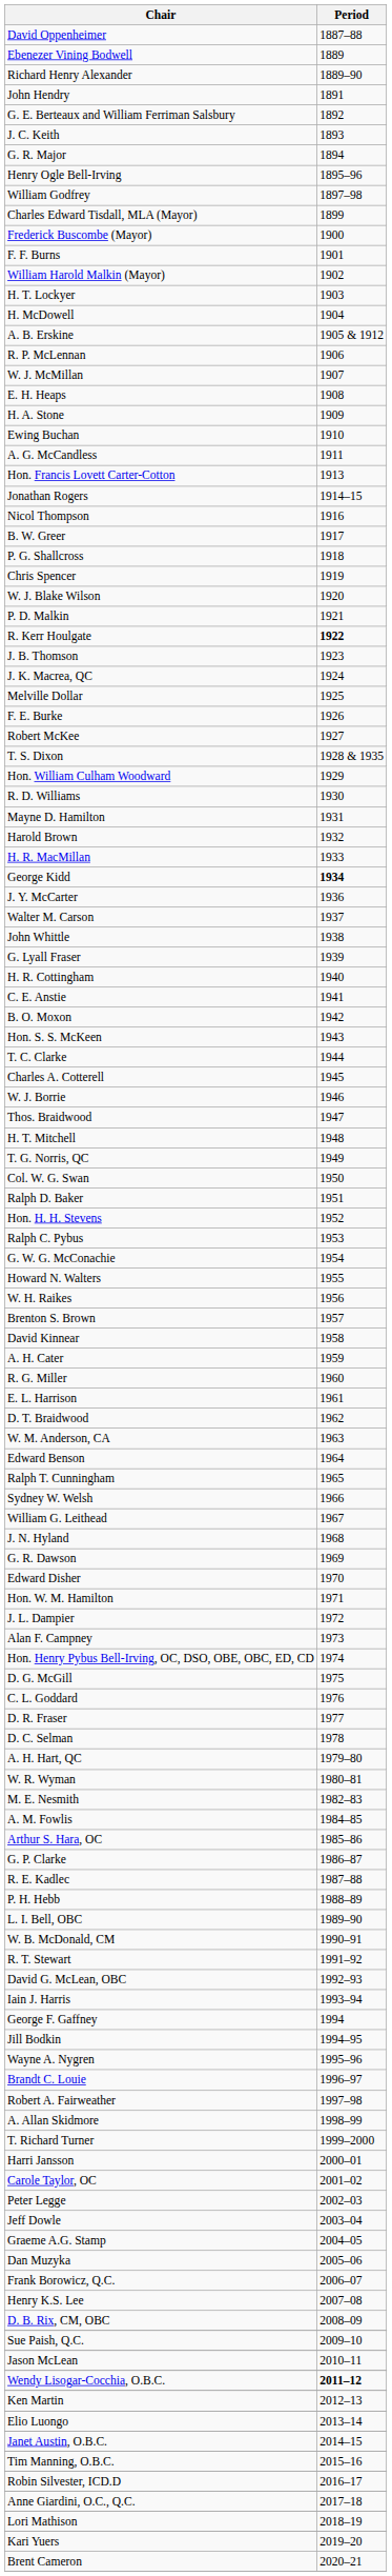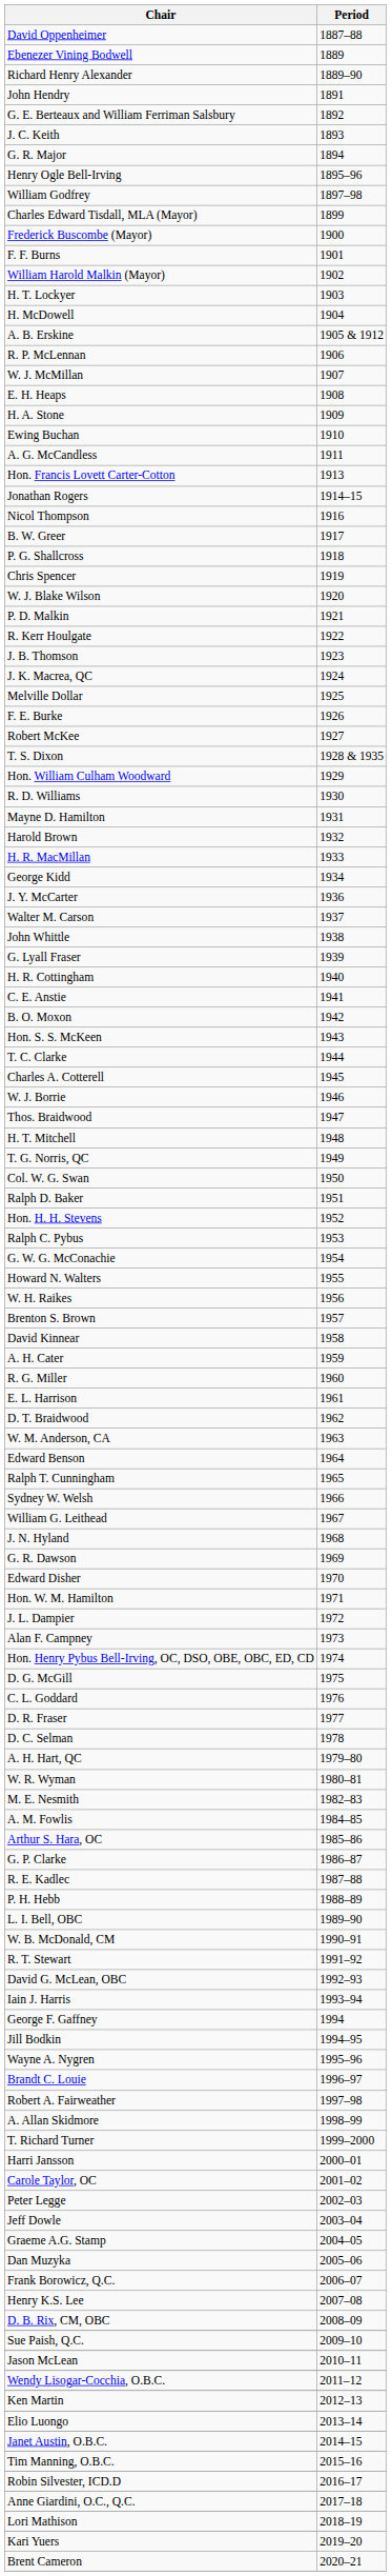 <table class="wikitable" style="font-size: 95%;">
 <tr>
 <th>Chair</th>
 <th>Period</th>
 </tr>
 <tr>
 <td><a href='#'>David Oppenheimer</a></td>
 <td>1887–88</td>
 </tr>
 <tr>
 <td><a href='#'>Ebenezer Vining Bodwell</a></td>
 <td>1889</td>
 </tr>
 <tr>
 <td>Richard Henry Alexander</td>
 <td>1889–90</td>
 </tr>
 <tr>
 <td>John Hendry</td>
 <td>1891</td>
 </tr>
 <tr>
 <td>G. E. Berteaux and William Ferriman Salsbury</td>
 <td>1892</td>
 </tr>
 <tr>
 <td>J. C. Keith</td>
 <td>1893</td>
 </tr>
 <tr>
 <td>G. R. Major</td>
 <td>1894</td>
 </tr>
 <tr>
 <td>Henry Ogle Bell-Irving</td>
 <td>1895–96</td>
 </tr>
 <tr>
 <td>William Godfrey</td>
 <td>1897–98</td>
 </tr>
 <tr>
 <td>Charles Edward Tisdall, MLA (Mayor)</td>
 <td>1899</td>
 </tr>
 <tr>
 <td><a href='#'>Frederick Buscombe</a> (Mayor)</td>
 <td>1900</td>
 </tr>
 <tr>
 <td>F. F. Burns</td>
 <td>1901</td>
 </tr>
 <tr>
 <td><a href='#'>William Harold Malkin</a> (Mayor)</td>
 <td>1902</td>
 </tr>
 <tr>
 <td>H. T. Lockyer</td>
 <td>1903</td>
 </tr>
 <tr>
 <td>H. McDowell</td>
 <td>1904</td>
 </tr>
 <tr>
 <td>A. B. Erskine</td>
 <td>1905 & 1912</td>
 </tr>
 <tr>
 <td>R. P. McLennan</td>
 <td>1906</td>
 </tr>
 <tr>
 <td>W. J. McMillan</td>
 <td>1907</td>
 </tr>
 <tr>
 <td>E. H. Heaps</td>
 <td>1908</td>
 </tr>
 <tr>
 <td>H. A. Stone</td>
 <td>1909</td>
 </tr>
 <tr>
 <td>Ewing Buchan</td>
 <td>1910</td>
 </tr>
 <tr>
 <td>A. G. McCandless</td>
 <td>1911</td>
 </tr>
 <tr>
 <td>Hon. <a href='#'>Francis Lovett Carter-Cotton</a></td>
 <td>1913</td>
 </tr>
 <tr>
 <td>Jonathan Rogers</td>
 <td>1914–15</td>
 </tr>
 <tr>
 <td>Nicol Thompson</td>
 <td>1916</td>
 </tr>
 <tr>
 <td>B. W. Greer</td>
 <td>1917</td>
 </tr>
 <tr>
 <td>P. G. Shallcross</td>
 <td>1918</td>
 </tr>
 <tr>
 <td>Chris Spencer</td>
 <td>1919</td>
 </tr>
 <tr>
 <td>W. J. Blake Wilson</td>
 <td>1920</td>
 </tr>
 <tr>
 <td>P. D. Malkin</td>
 <td>1921</td>
 </tr>
 <tr>
 <td>R. Kerr Houlgate</td>
-<td><strong>1922</strong></td>
+<td>1922</td>
 </tr>
 <tr>
 <td>J. B. Thomson</td>
 <td>1923</td>
 </tr>
 <tr>
 <td>J. K. Macrea, QC</td>
 <td>1924</td>
 </tr>
 <tr>
 <td>Melville Dollar</td>
 <td>1925</td>
 </tr>
 <tr>
 <td>F. E. Burke</td>
 <td>1926</td>
 </tr>
 <tr>
 <td>Robert McKee</td>
 <td>1927</td>
 </tr>
 <tr>
 <td>T. S. Dixon</td>
 <td>1928 & 1935</td>
 </tr>
 <tr>
 <td>Hon. <a href='#'>William Culham Woodward</a></td>
 <td>1929</td>
 </tr>
 <tr>
 <td>R. D. Williams</td>
 <td>1930</td>
 </tr>
 <tr>
 <td>Mayne D. Hamilton</td>
 <td>1931</td>
 </tr>
 <tr>
 <td>Harold Brown</td>
 <td>1932</td>
 </tr>
 <tr>
 <td><a href='#'>H. R. MacMillan</a></td>
 <td>1933</td>
 </tr>
 <tr>
 <td>George Kidd</td>
-<td><strong>1934</strong></td>
+<td>1934</td>
 </tr>
 <tr>
 <td>J. Y. McCarter</td>
 <td>1936</td>
 </tr>
 <tr>
 <td>Walter M. Carson</td>
 <td>1937</td>
 </tr>
 <tr>
 <td>John Whittle</td>
 <td>1938</td>
 </tr>
 <tr>
 <td>G. Lyall Fraser</td>
 <td>1939</td>
 </tr>
 <tr>
 <td>H. R. Cottingham</td>
 <td>1940</td>
 </tr>
 <tr>
 <td>C. E. Anstie</td>
 <td>1941</td>
 </tr>
 <tr>
 <td>B. O. Moxon</td>
 <td>1942</td>
 </tr>
 <tr>
 <td>Hon. S. S. McKeen</td>
 <td>1943</td>
 </tr>
 <tr>
 <td>T. C. Clarke</td>
 <td>1944</td>
 </tr>
 <tr>
 <td>Charles A. Cotterell</td>
 <td>1945</td>
 </tr>
 <tr>
 <td>W. J. Borrie</td>
 <td>1946</td>
 </tr>
 <tr>
 <td>Thos. Braidwood</td>
 <td>1947</td>
 </tr>
 <tr>
 <td>H. T. Mitchell</td>
 <td>1948</td>
 </tr>
 <tr>
 <td>T. G. Norris, QC</td>
 <td>1949</td>
 </tr>
 <tr>
 <td>Col. W. G. Swan</td>
 <td>1950</td>
 </tr>
 <tr>
 <td>Ralph D. Baker</td>
 <td>1951</td>
 </tr>
 <tr>
 <td>Hon. <a href='#'>H. H. Stevens</a></td>
 <td>1952</td>
 </tr>
 <tr>
 <td>Ralph C. Pybus</td>
 <td>1953</td>
 </tr>
 <tr>
 <td>G. W. G. McConachie</td>
 <td>1954</td>
 </tr>
 <tr>
 <td>Howard N. Walters</td>
 <td>1955</td>
 </tr>
 <tr>
 <td>W. H. Raikes</td>
 <td>1956</td>
 </tr>
 <tr>
 <td>Brenton S. Brown</td>
 <td>1957</td>
 </tr>
 <tr>
 <td>David Kinnear</td>
 <td>1958</td>
 </tr>
 <tr>
 <td>A. H. Cater</td>
 <td>1959</td>
 </tr>
 <tr>
 <td>R. G. Miller</td>
 <td>1960</td>
 </tr>
 <tr>
 <td>E. L. Harrison</td>
 <td>1961</td>
 </tr>
 <tr>
 <td>D. T. Braidwood</td>
 <td>1962</td>
 </tr>
 <tr>
 <td>W. M. Anderson, CA</td>
 <td>1963</td>
 </tr>
 <tr>
 <td>Edward Benson</td>
 <td>1964</td>
 </tr>
 <tr>
 <td>Ralph T. Cunningham</td>
 <td>1965</td>
 </tr>
 <tr>
 <td>Sydney W. Welsh</td>
 <td>1966</td>
 </tr>
 <tr>
 <td>William G. Leithead</td>
 <td>1967</td>
 </tr>
 <tr>
 <td>J. N. Hyland</td>
 <td>1968</td>
 </tr>
 <tr>
 <td>G. R. Dawson</td>
 <td>1969</td>
 </tr>
 <tr>
 <td>Edward Disher</td>
 <td>1970</td>
 </tr>
 <tr>
 <td>Hon. W. M. Hamilton</td>
 <td>1971</td>
 </tr>
 <tr>
 <td>J. L. Dampier</td>
 <td>1972</td>
 </tr>
 <tr>
 <td>Alan F. Campney</td>
 <td>1973</td>
 </tr>
 <tr>
 <td>Hon. <a href='#'>Henry Pybus Bell-Irving</a>, OC, DSO, OBE, OBC, ED, CD</td>
 <td>1974</td>
 </tr>
 <tr>
 <td>D. G. McGill</td>
 <td>1975</td>
 </tr>
 <tr>
 <td>C. L. Goddard</td>
 <td>1976</td>
 </tr>
 <tr>
 <td>D. R. Fraser</td>
 <td>1977</td>
 </tr>
 <tr>
 <td>D. C. Selman</td>
 <td>1978</td>
 </tr>
 <tr>
 <td>A. H. Hart, QC</td>
 <td>1979–80</td>
 </tr>
 <tr>
 <td>W. R. Wyman</td>
 <td>1980–81</td>
 </tr>
 <tr>
 <td>M. E. Nesmith</td>
 <td>1982–83</td>
 </tr>
 <tr>
 <td>A. M. Fowlis</td>
 <td>1984–85</td>
 </tr>
 <tr>
 <td><a href='#'>Arthur S. Hara</a>, OC</td>
 <td>1985–86</td>
 </tr>
 <tr>
 <td>G. P. Clarke</td>
 <td>1986–87</td>
 </tr>
 <tr>
 <td>R. E. Kadlec</td>
 <td>1987–88</td>
 </tr>
 <tr>
 <td>P. H. Hebb</td>
 <td>1988–89</td>
 </tr>
 <tr>
 <td>L. I. Bell, OBC</td>
 <td>1989–90</td>
 </tr>
 <tr>
 <td>W. B. McDonald, CM</td>
 <td>1990–91</td>
 </tr>
 <tr>
 <td>R. T. Stewart</td>
 <td>1991–92</td>
 </tr>
 <tr>
 <td>David G. McLean, OBC</td>
 <td>1992–93</td>
 </tr>
 <tr>
 <td>Iain J. Harris</td>
 <td>1993–94</td>
 </tr>
 <tr>
 <td>George F. Gaffney</td>
 <td>1994</td>
 </tr>
 <tr>
 <td>Jill Bodkin</td>
 <td>1994–95</td>
 </tr>
 <tr>
 <td>Wayne A. Nygren</td>
 <td>1995–96</td>
 </tr>
 <tr>
 <td><a href='#'>Brandt C. Louie</a></td>
 <td>1996–97</td>
 </tr>
 <tr>
 <td>Robert A. Fairweather</td>
 <td>1997–98</td>
 </tr>
 <tr>
 <td>A. Allan Skidmore</td>
 <td>1998–99</td>
 </tr>
 <tr>
 <td>T. Richard Turner</td>
 <td>1999–2000</td>
 </tr>
 <tr>
 <td>Harri Jansson</td>
 <td>2000–01</td>
 </tr>
 <tr>
 <td><a href='#'>Carole Taylor</a>, OC</td>
 <td>2001–02</td>
 </tr>
 <tr>
 <td>Peter Legge</td>
 <td>2002–03</td>
 </tr>
 <tr>
 <td>Jeff Dowle</td>
 <td>2003–04</td>
 </tr>
 <tr>
 <td>Graeme A.G. Stamp</td>
 <td>2004–05</td>
 </tr>
 <tr>
 <td>Dan Muzyka</td>
 <td>2005–06</td>
 </tr>
 <tr>
 <td>Frank Borowicz, Q.C.</td>
 <td>2006–07</td>
 </tr>
 <tr>
 <td>Henry K.S. Lee</td>
 <td>2007–08</td>
 </tr>
 <tr>
 <td><a href='#'>D. B. Rix</a>, CM, OBC</td>
 <td>2008–09</td>
 </tr>
 <tr>
 </tr>
 <tr>
 <td>Sue Paish, Q.C.</td>
 <td>2009–10</td>
 </tr>
 <tr>
 </tr>
 <tr>
 <td>Jason McLean</td>
 <td>2010–11</td>
 </tr>
 <tr>
 </tr>
 <tr>
 <td><a href='#'>Wendy Lisogar-Cocchia</a>, O.B.C.</td>
-<td><strong>2011–12</strong></td>
+<td>2011–12</td>
 </tr>
 <tr>
 </tr>
 <tr>
 <td>Ken Martin</td>
 <td>2012–13</td>
 </tr>
 <tr>
 </tr>
 <tr>
 <td>Elio Luongo</td>
 <td>2013–14</td>
 </tr>
 <tr>
 </tr>
 <tr>
 <td><a href='#'>Janet Austin</a>, O.B.C.</td>
 <td>2014–15</td>
 </tr>
 <tr>
 </tr>
 <tr>
 <td>Tim Manning, O.B.C.</td>
 <td>2015–16</td>
 </tr>
 <tr>
 </tr>
 <tr>
 <td>Robin Silvester, ICD.D</td>
 <td>2016–17</td>
 </tr>
 <tr>
 </tr>
 <tr>
 <td>Anne Giardini, O.C., Q.C.</td>
 <td>2017–18</td>
 </tr>
 <tr>
 </tr>
 <tr>
 <td>Lori Mathison</td>
 <td>2018–19</td>
 </tr>
 <tr>
 </tr>
 <tr>
 <td>Kari Yuers</td>
 <td>2019–20</td>
 </tr>
 <tr>
 <td>Brent Cameron</td>
 <td>2020–21</td>
 </tr>
 <tr>
 </tr>
 </table>
